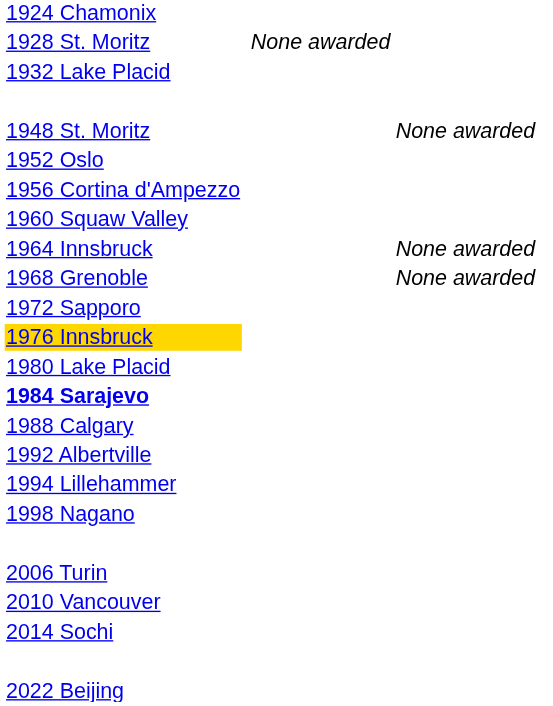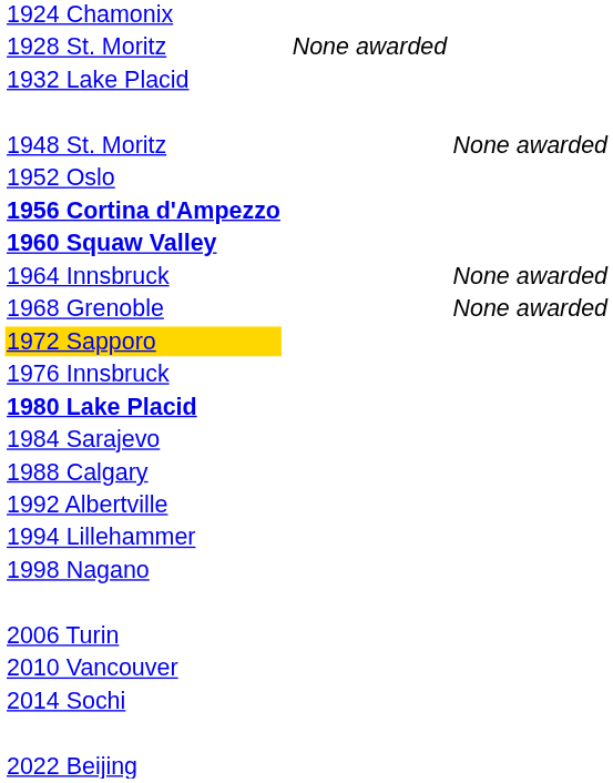 <table>
 <tr valign="top">
 <td rowspan=2><a href='#'>1924 Chamonix</a><br></td>
 <td rowspan=2></td>
 <td rowspan=2></td>
 <td></td>
 </tr>
 <tr>
 <td></td>
 </tr>
 <tr valign="top">
 <td rowspan="4"><a href='#'>1928 St. Moritz</a><br></td>
 <td rowspan="2"></td>
 <td rowspan="4" align="center"><em>None awarded</em></td>
 <td></td>
 </tr>
 <tr>
 <td rowspan="2"></td>
 </tr>
 <tr>
 <td rowspan="2"></td>
 </tr>
 <tr>
 <td></td>
 </tr>
 <tr valign="top">
 <td><a href='#'>1932 Lake Placid</a><br></td>
 <td></td>
 <td></td>
 <td></td>
 </tr>
 <tr valign="top">
 <td><br></td>
 <td></td>
 <td></td>
 <td></td>
 </tr>
 <tr valign="top">
 <td rowspan=3><a href='#'>1948 St. Moritz</a><br></td>
 <td rowspan=3></td>
 <td></td>
 <td rowspan=3 colspan=2 align=center><em>None awarded</em></td>
 </tr>
 <tr>
 <td></td>
 </tr>
 <tr>
 <td></td>
 </tr>
 <tr valign="top">
 <td rowspan=2><a href='#'>1952 Oslo</a><br></td>
 <td rowspan=2></td>
 <td rowspan=2></td>
 <td></td>
 </tr>
 <tr>
 <td></td>
 </tr>
 <tr valign="top">
-<td><a href='#'>1956 Cortina d'Ampezzo</a><br></td>
+<td><strong><a href='#'>1956 Cortina d'Ampezzo</a><br></strong></td>
 <td></td>
 <td></td>
 <td></td>
 </tr>
 <tr valign="top">
-<td><a href='#'>1960 Squaw Valley</a><br></td>
+<td><strong><a href='#'>1960 Squaw Valley</a><br></strong></td>
 <td></td>
 <td></td>
 <td></td>
 </tr>
 <tr valign="top">
 <td rowspan=3><a href='#'>1964 Innsbruck</a><br></td>
 <td rowspan=3></td>
 <td></td>
 <td rowspan=3 colspan=2 align=center><em>None awarded</em></td>
 </tr>
 <tr>
 <td></td>
 </tr>
 <tr>
 <td></td>
 </tr>
 <tr valign="top">
 <td rowspan=2><a href='#'>1968 Grenoble</a><br></td>
 <td rowspan=2></td>
 <td></td>
 <td rowspan=2 colspan=2 align=center><em>None awarded</em></td>
 </tr>
 <tr>
 <td></td>
 </tr>
 <tr valign="top">
-<td><a href='#'>1972 Sapporo</a> <br></td>
+<td style="background: gold;"><a href='#'>1972 Sapporo</a> <br></td>
 <td></td>
 <td></td>
 <td></td>
 </tr>
 <tr valign="top">
-<td style="background: gold;"><a href='#'>1976 Innsbruck</a><br></td>
+<td><a href='#'>1976 Innsbruck</a><br></td>
 <td></td>
 <td></td>
 <td></td>
 </tr>
 <tr valign="top">
-<td><a href='#'>1980 Lake Placid</a><br></td>
+<td><strong><a href='#'>1980 Lake Placid</a><br></strong></td>
 <td></td>
 <td></td>
 <td></td>
 </tr>
 <tr valign="top">
-<td><strong><a href='#'>1984 Sarajevo</a><br></strong></td>
+<td><a href='#'>1984 Sarajevo</a><br></td>
 <td></td>
 <td></td>
 <td></td>
 </tr>
 <tr valign="top">
 <td><a href='#'>1988 Calgary</a><br></td>
 <td></td>
 <td></td>
 <td></td>
 </tr>
 <tr>
 <td><a href='#'>1992 Albertville</a><br></td>
 <td></td>
 <td></td>
 <td></td>
 </tr>
 <tr>
 <td><a href='#'>1994 Lillehammer</a><br></td>
 <td></td>
 <td></td>
 <td></td>
 </tr>
 <tr>
 <td><a href='#'>1998 Nagano</a><br></td>
 <td></td>
 <td></td>
 <td></td>
 </tr>
 <tr>
 <td><br></td>
 <td></td>
 <td></td>
 <td></td>
 </tr>
 <tr>
 <td><a href='#'>2006 Turin</a><br></td>
 <td></td>
 <td></td>
 <td></td>
 </tr>
 <tr>
 <td><a href='#'>2010 Vancouver</a> <br></td>
 <td></td>
 <td></td>
 <td></td>
 </tr>
 <tr>
 <td><a href='#'>2014 Sochi</a><br></td>
 <td></td>
 <td></td>
 <td></td>
 </tr>
 <tr>
 <td><br></td>
 <td></td>
 <td></td>
 <td></td>
 </tr>
 <tr>
 <td><a href='#'>2022 Beijing</a> <br></td>
 <td></td>
 <td></td>
 <td></td>
 </tr>
 <tr>
 </tr>
 </table>
